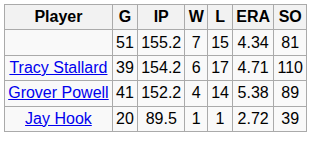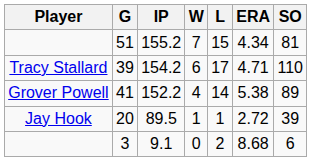 <table class="wikitable sortable">
 <tr>
 <th>Player</th>
 <th>G</th>
 <th>IP</th>
 <th>W</th>
 <th>L</th>
 <th>ERA</th>
 <th>SO</th>
 </tr>
 <tr align="center">
 <td></td>
 <td>51</td>
 <td>155.2</td>
 <td>7</td>
 <td>15</td>
 <td>4.34</td>
 <td>81</td>
 </tr>
 <tr align="center">
 <td><a href='#'>Tracy Stallard</a></td>
 <td>39</td>
 <td>154.2</td>
 <td>6</td>
 <td>17</td>
 <td>4.71</td>
 <td>110</td>
 </tr>
 <tr align="center">
 <td><a href='#'>Grover Powell</a></td>
 <td>41</td>
 <td>152.2</td>
 <td>4</td>
 <td>14</td>
 <td>5.38</td>
 <td>89</td>
 </tr>
 <tr align="center">
 <td><a href='#'>Jay Hook</a></td>
 <td>20</td>
 <td>89.5</td>
 <td>1</td>
 <td>1</td>
 <td>2.72</td>
 <td>39</td>
 </tr>
+<tr align="center">
+<td></td>
+<td>3</td>
+<td>9.1</td>
+<td>0</td>
+<td>2</td>
+<td>8.68</td>
+<td>6</td>
+</tr>
 </table>
